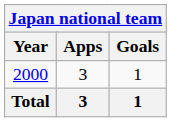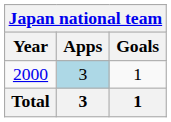 <table class="wikitable" style="text-align:center">
 <tr>
 <th colspan=3><a href='#'>Japan national team</a></th>
 </tr>
 <tr>
 <th>Year</th>
 <th>Apps</th>
 <th>Goals</th>
 </tr>
 <tr>
 <td><a href='#'>2000</a></td>
-<td>3</td>
+<td style="background: lightblue;">3</td>
 <td>1</td>
 </tr>
 <tr>
 <th>Total</th>
 <th>3</th>
 <th>1</th>
 </tr>
 </table>
